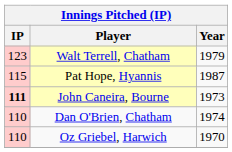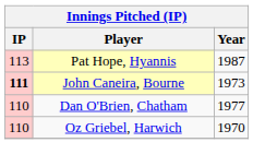 <table class="wikitable" style="display: inline-table; margin-right: 20px; text-align:center">
 <tr>
 <th colspan="3"><a href='#'>Innings Pitched (IP)</a></th>
 </tr>
 <tr>
 <th scope="col" style="width: 25px;">IP</th>
 <th scope="col" style="width: 200px;">Player</th>
 <th scope="col" style="width: 25px;">Year</th>
 </tr>
 <tr>
-<td bgcolor=#ffcccc>123</td>
-<td !scope="row" style="background:#ffb;"><a href='#'>Walt Terrell</a>, <a href='#'>Chatham</a></td>
-<td>1979</td>
-</tr>
-<tr>
-<td bgcolor=#ffcccc>115</td>
+<td bgcolor=#ffcccc>113</td>
 <td !scope="row" style="background:#ffb;">Pat Hope, <a href='#'>Hyannis</a></td>
 <td>1987</td>
 </tr>
 <tr>
 <td bgcolor=#ffcccc><strong>111</strong></td>
 <td !scope="row" style="background:#ffb;"><a href='#'>John Caneira</a>, <a href='#'>Bourne</a></td>
 <td>1973</td>
 </tr>
 <tr>
 <td bgcolor=#ffcccc>110</td>
 <td><a href='#'>Dan O'Brien</a>, <a href='#'>Chatham</a></td>
-<td>1974</td>
+<td>1977</td>
 </tr>
 <tr>
 <td bgcolor=#ffcccc>110</td>
 <td><a href='#'>Oz Griebel</a>, <a href='#'>Harwich</a></td>
 <td>1970</td>
 </tr>
 <tr>
 </tr>
 </table>
